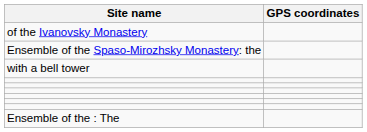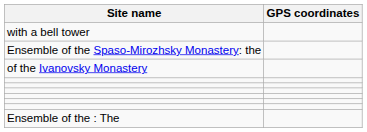 <table class="wikitable">
 <tr>
 <th>Site name</th>
 <th>GPS coordinates</th>
 </tr>
 <tr>
-<td> of the <a href='#'>Ivanovsky Monastery</a></td>
+<td> with a bell tower</td>
 <td></td>
 </tr>
 <tr>
 <td>Ensemble of the <a href='#'>Spaso-Mirozhsky Monastery</a>: the </td>
 <td></td>
 </tr>
 <tr>
-<td> with a bell tower</td>
+<td> of the <a href='#'>Ivanovsky Monastery</a></td>
 <td></td>
 </tr>
 <tr>
 <td></td>
 <td></td>
 </tr>
 <tr>
 <td></td>
 <td></td>
 </tr>
 <tr>
 <td></td>
 <td></td>
 </tr>
 <tr>
 <td></td>
 <td></td>
 </tr>
 <tr>
 <td></td>
 <td></td>
 </tr>
 <tr>
 <td></td>
 <td></td>
 </tr>
 <tr>
 <td>Ensemble of the : The </td>
 <td></td>
 </tr>
 </table>
